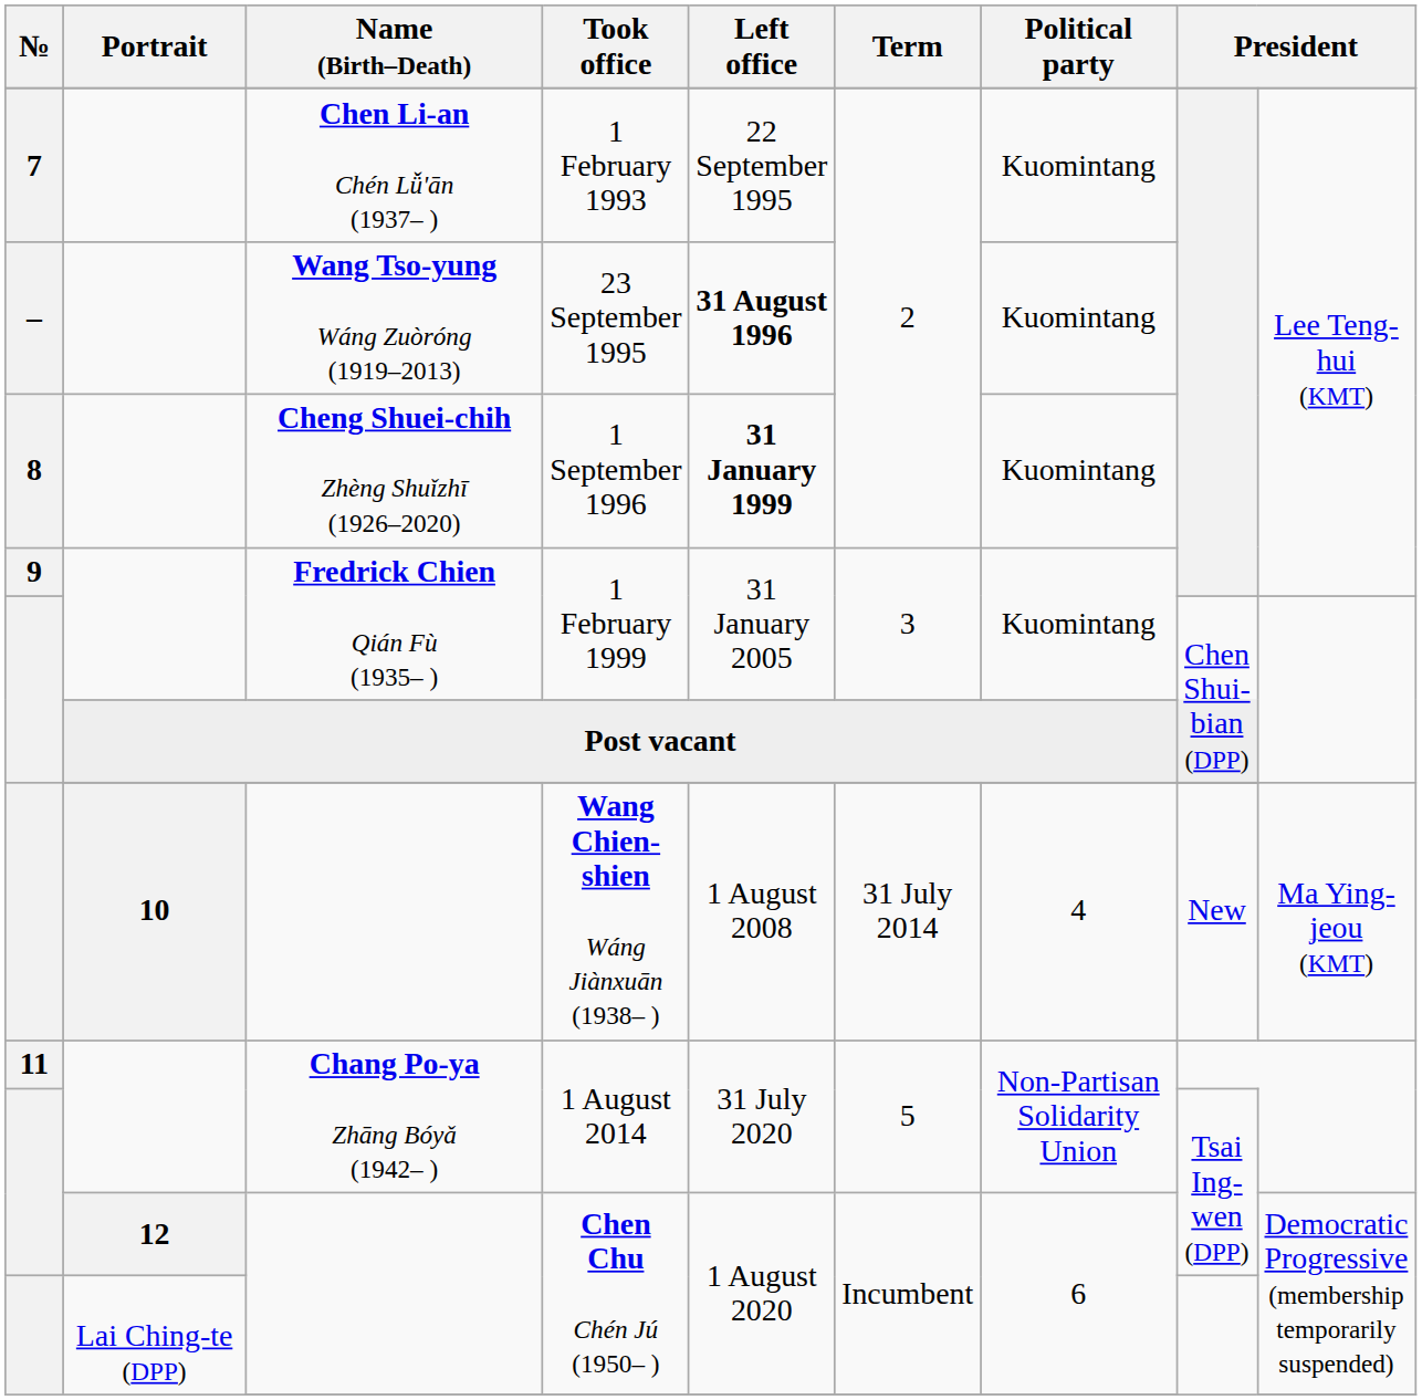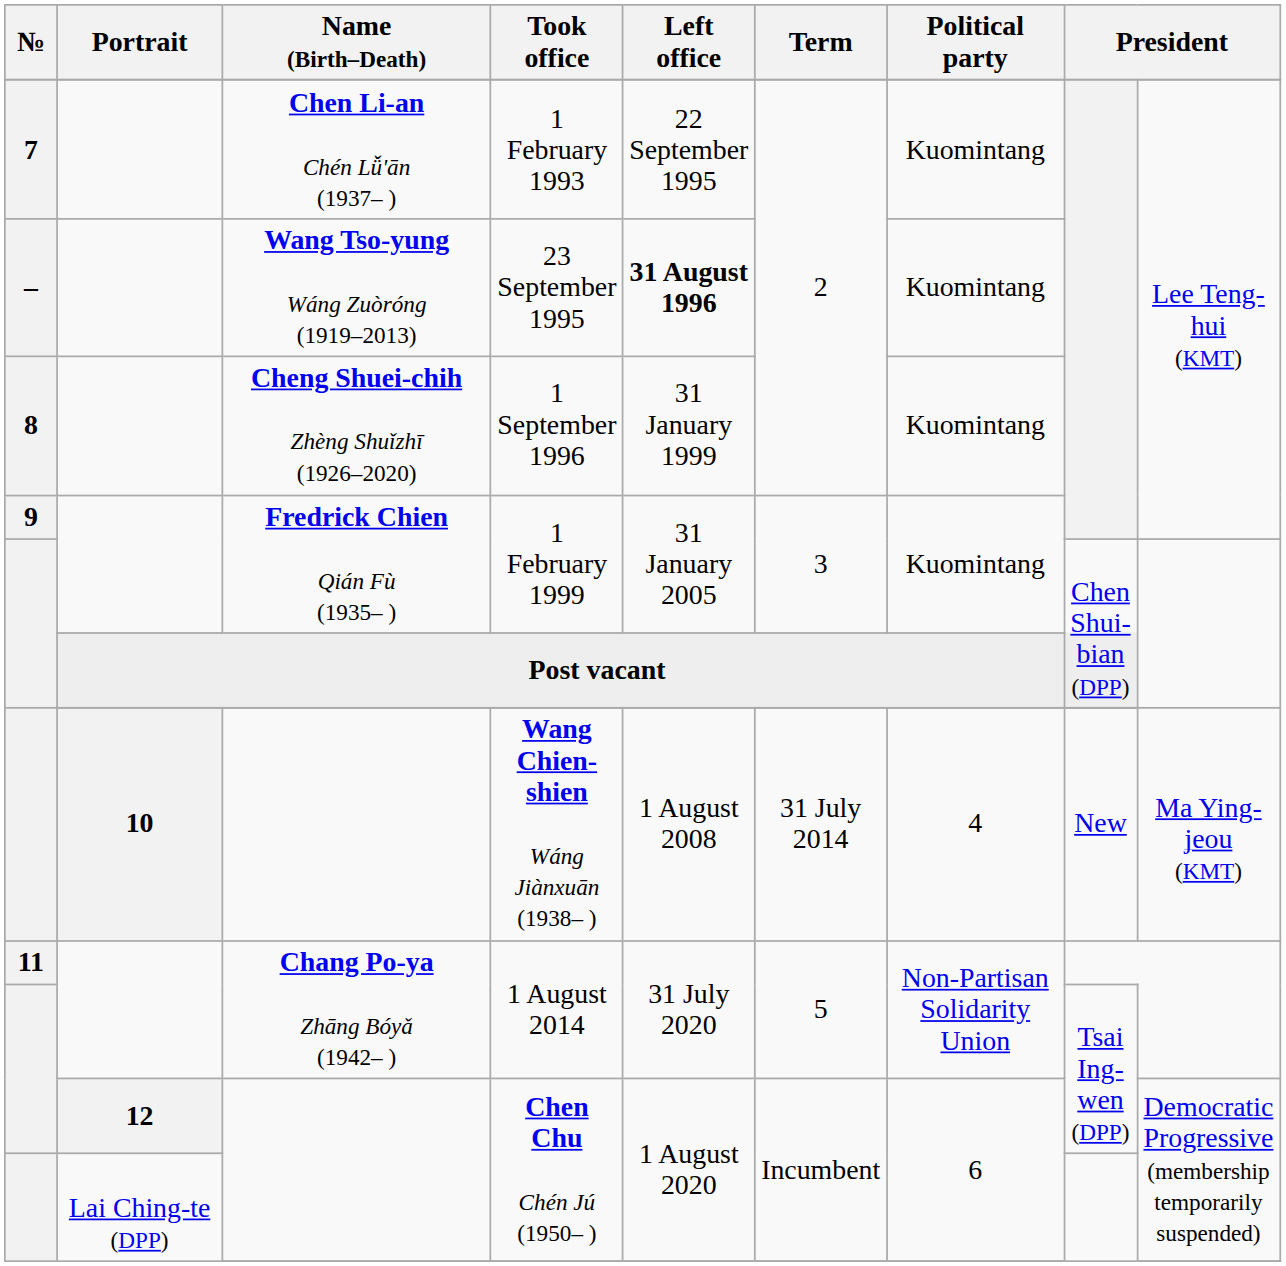 <table class="wikitable"  style="text-align:center"  width="83%">
 <tr>
 <th style="width:25px;">№</th>
 <th style="width:100px;">Portrait</th>
 <th width=180px>Name<br><small>(Birth–Death)</small></th>
 <th>Took office</th>
 <th>Left office</th>
 <th style="width:25px;">Term</th>
 <th style="width:100px;">Political party</th>
 <th colspan=2 width="width:200px">President</th>
 </tr>
 <tr ->
 </tr>
 <tr ->
 <th style="background:">7</th>
 <td align=center></td>
 <td align=center><strong><a href='#'>Chen Li-an</a></strong><br><br><small><em>Chén Lǚ'ān</em><br>(1937– )</small></td>
 <td>1 February 1993</td>
 <td>22 September 1995</td>
 <td rowspan=3>2</td>
 <td>Kuomintang</td>
 <th rowspan=4 style="background:"></th>
 <td rowspan=4><br><a href='#'>Lee Teng-hui</a><br><small>(<a href='#'>KMT</a>)</small></td>
 </tr>
 <tr ->
 <th style="background:">–</th>
 <td align=center></td>
 <td align=center><strong><a href='#'>Wang Tso-yung</a></strong><br><br><small><em>Wáng Zuòróng</em><br>(1919–2013)</small></td>
 <td>23 September 1995</td>
 <td><strong>31 August 1996</strong></td>
 <td>Kuomintang</td>
 </tr>
 <tr ->
 <th style="background:">8</th>
 <td align=center></td>
 <td align=center><strong><a href='#'>Cheng Shuei-chih</a></strong><br><br><small><em>Zhèng Shuǐzhī</em><br>(1926–2020)</small></td>
 <td>1 September 1996</td>
-<td><strong>31 January 1999</strong></td>
+<td>31 January 1999</td>
 <td>Kuomintang</td>
 </tr>
 <tr ->
 <th style="background:">9</th>
 <td rowspan=2 align=center></td>
 <td rowspan=2 align=center><strong><a href='#'>Fredrick Chien</a></strong><br><br><small><em>Qián Fù</em><br>(1935– )</small></td>
 <td rowspan=2>1 February 1999</td>
 <td rowspan=2>31 January 2005</td>
 <td rowspan=2>3</td>
 <td rowspan=2>Kuomintang</td>
 </tr>
 <tr>
 <th rowspan=2 style="background:"></th>
 <td rowspan=2><br><a href='#'>Chen Shui-bian</a><br><small>(<a href='#'>DPP</a>)</small><br></td>
 </tr>
 <tr ->
 <th rowspan=2 colspan=7 style="background:#EEEEEE; color:black;">Post vacant</th>
 </tr>
 <tr>
 <th rowspan=3 style="background:"></th>
 <td rowspan=3><br><a href='#'>Ma Ying-jeou</a><br><small>(<a href='#'>KMT</a>)</small></td>
 </tr>
 <tr ->
 </tr>
 <tr ->
 <th style="background:">10</th>
 <td align=center></td>
 <td align=center><strong><a href='#'>Wang Chien-shien</a></strong><br><br><small><em>Wáng Jiànxuān</em><br>(1938– )</small></td>
 <td>1 August 2008</td>
 <td>31 July 2014</td>
 <td>4</td>
 <td><a href='#'>New</a></td>
 </tr>
 <tr ->
 <th style="background:">11</th>
 <td rowspan=2 align=center></td>
 <td rowspan=2 align=center><strong><a href='#'>Chang Po-ya</a></strong><br><br><small><em>Zhāng Bóyǎ</em><br>(1942– )</small></td>
 <td rowspan=2>1 August 2014</td>
 <td rowspan=2>31 July 2020</td>
 <td rowspan=2>5</td>
 <td rowspan=2><a href='#'>Non-Partisan Solidarity Union</a></td>
 </tr>
 <tr>
 <th rowspan=2 style="background:"></th>
 <td rowspan=2><br><a href='#'>Tsai Ing-wen</a><br><small>(<a href='#'>DPP</a>)</small></td>
 </tr>
 <tr ->
 <th style="background:">12</th>
 <td rowspan=2 align=center></td>
 <td rowspan=2 align=center><strong><a href='#'>Chen Chu</a></strong><br><br><small><em>Chén Jú</em><br>(1950– )</small></td>
 <td rowspan=2>1 August 2020</td>
 <td rowspan=2>Incumbent</td>
 <td rowspan=2>6</td>
 <td rowspan=2><a href='#'>Democratic Progressive</a> <br><small>(membership temporarily suspended)</small></td>
 </tr>
 <tr>
 <th rowspan=2 style="background:"></th>
 <td rowspan=2><br><a href='#'>Lai Ching-te</a><br><small>(<a href='#'>DPP</a>)</small></td>
 </tr>
 <tr ->
 </tr>
 </table>
